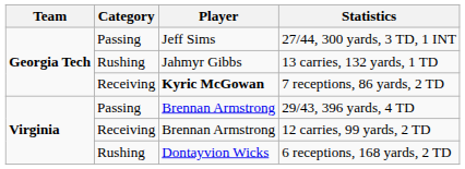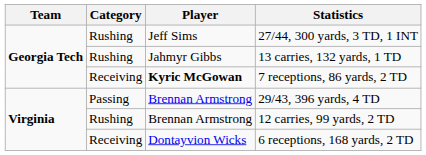 <table class="wikitable" style="float: right;">
 <tr>
 <th>Team</th>
 <th>Category</th>
 <th>Player</th>
 <th>Statistics</th>
 </tr>
 <tr>
 <td rowspan=3><strong>Georgia Tech</strong></td>
-<td>Passing</td>
+<td>Rushing</td>
 <td>Jeff Sims</td>
 <td>27/44, 300 yards, 3 TD, 1 INT</td>
 </tr>
 <tr>
 <td>Rushing</td>
 <td>Jahmyr Gibbs</td>
 <td>13 carries, 132 yards, 1 TD</td>
 </tr>
 <tr>
 <td>Receiving</td>
 <td><strong>Kyric McGowan</strong></td>
 <td>7 receptions, 86 yards, 2 TD</td>
 </tr>
 <tr>
 <td rowspan=3><strong>Virginia</strong></td>
 <td>Passing</td>
 <td><a href='#'>Brennan Armstrong</a></td>
 <td>29/43, 396 yards, 4 TD</td>
 </tr>
 <tr>
-<td>Receiving</td>
+<td>Rushing</td>
 <td>Brennan Armstrong</td>
 <td>12 carries, 99 yards, 2 TD</td>
 </tr>
 <tr>
-<td>Rushing</td>
+<td>Receiving</td>
 <td><a href='#'>Dontayvion Wicks</a></td>
 <td>6 receptions, 168 yards, 2 TD</td>
 </tr>
 </table>
